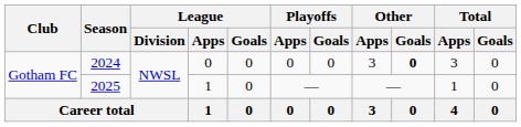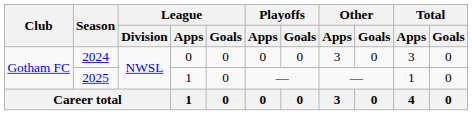 <table class="wikitable" style="text-align: center;">
 <tr>
 <th rowspan="2">Club</th>
 <th rowspan="2">Season</th>
 <th colspan="3">League</th>
 <th colspan="2">Playoffs</th>
 <th colspan="2">Other</th>
 <th colspan="2">Total</th>
 </tr>
 <tr>
 <th>Division</th>
 <th>Apps</th>
 <th>Goals</th>
 <th>Apps</th>
 <th>Goals</th>
 <th>Apps</th>
 <th>Goals</th>
 <th>Apps</th>
 <th>Goals</th>
 </tr>
 <tr>
 <td rowspan="2"><a href='#'>Gotham FC</a></td>
 <td><a href='#'>2024</a></td>
 <td rowspan="2"><a href='#'>NWSL</a></td>
 <td>0</td>
 <td>0</td>
 <td>0</td>
 <td>0</td>
 <td>3</td>
-<td><strong>0</strong></td>
+<td>0</td>
 <td>3</td>
 <td>0</td>
 </tr>
 <tr>
 <td><a href='#'>2025</a></td>
 <td>1</td>
 <td>0</td>
 <td colspan="2">—</td>
 <td colspan="2">—</td>
 <td>1</td>
 <td>0</td>
 </tr>
 <tr>
 <th colspan="3">Career total</th>
 <th>1</th>
 <th>0</th>
 <th>0</th>
 <th>0</th>
 <th>3</th>
 <th>0</th>
 <th>4</th>
 <th>0</th>
 </tr>
 </table>
